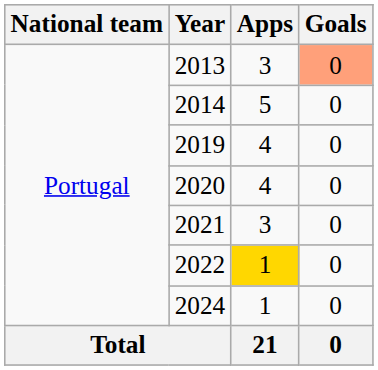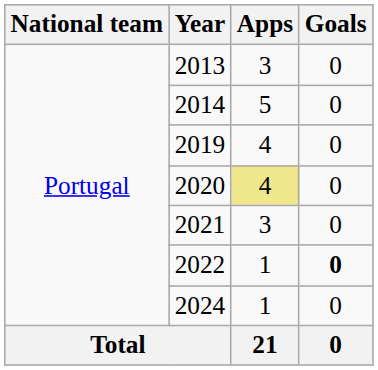 <table class="wikitable" style="text-align:center">
 <tr>
 <th>National team</th>
 <th>Year</th>
 <th>Apps</th>
 <th>Goals</th>
 </tr>
 <tr>
 <td rowspan=7><a href='#'>Portugal</a></td>
 <td>2013</td>
 <td>3</td>
-<td style="background: lightsalmon;">0</td>
+<td>0</td>
 </tr>
 <tr>
 <td>2014</td>
 <td>5</td>
 <td>0</td>
 </tr>
 <tr>
 <td>2019</td>
 <td>4</td>
 <td>0</td>
 </tr>
 <tr>
 <td>2020</td>
-<td>4</td>
+<td style="background: khaki;">4</td>
 <td>0</td>
 </tr>
 <tr>
 <td>2021</td>
 <td>3</td>
 <td>0</td>
 </tr>
 <tr>
 <td>2022</td>
-<td style="background: gold;">1</td>
-<td>0</td>
+<td>1</td>
+<td><strong>0</strong></td>
 </tr>
 <tr>
 <td>2024</td>
 <td>1</td>
 <td>0</td>
 </tr>
 <tr>
 <th colspan=2>Total</th>
 <th>21</th>
 <th>0</th>
 </tr>
 </table>
